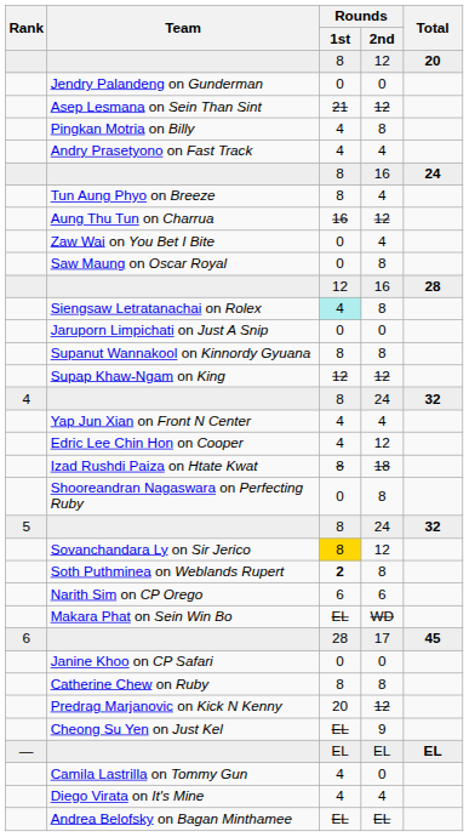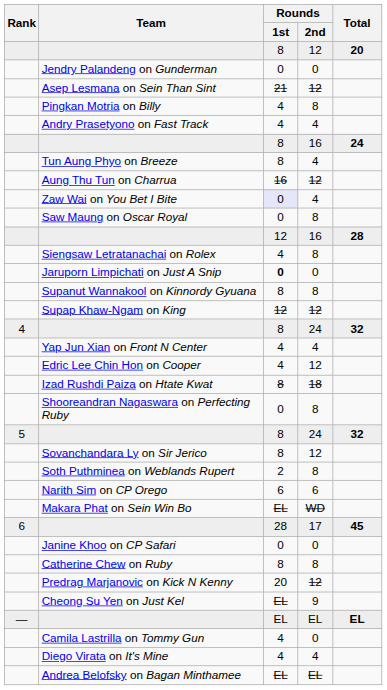 <table class=wikitable style="text-align:center">
 <tr>
 <th rowspan=2 width=40>Rank</th>
 <th rowspan=2 width=300>Team</th>
 <th colspan=2>Rounds</th>
 <th rowspan=2 width=60>Total</th>
 </tr>
 <tr>
 <th width=40>1st</th>
 <th width=40>2nd</th>
 </tr>
 <tr bgcolor=eeeeee>
 <td></td>
 <td align=left></td>
 <td>8</td>
 <td>12</td>
 <td><strong>20</strong></td>
 </tr>
 <tr>
 <td></td>
 <td align=left><a href='#'>Jendry Palandeng</a> on <em>Gunderman</em></td>
 <td>0</td>
 <td>0</td>
 <td></td>
 </tr>
 <tr>
 <td></td>
 <td align=left><a href='#'>Asep Lesmana</a> on <em>Sein Than Sint</em></td>
 <td><s>21</s></td>
 <td><s>12</s></td>
 <td></td>
 </tr>
 <tr>
 <td></td>
 <td align=left><a href='#'>Pingkan Motria</a> on <em>Billy</em></td>
 <td>4</td>
 <td>8</td>
 <td></td>
 </tr>
 <tr>
 <td></td>
 <td align=left><a href='#'>Andry Prasetyono</a> on <em>Fast Track</em></td>
 <td>4</td>
 <td>4</td>
 <td></td>
 </tr>
 <tr bgcolor=eeeeee>
 <td></td>
 <td align=left></td>
 <td>8</td>
 <td>16</td>
 <td><strong>24</strong></td>
 </tr>
 <tr>
 <td></td>
 <td align=left><a href='#'>Tun Aung Phyo</a> on <em>Breeze</em></td>
 <td>8</td>
 <td>4</td>
 <td></td>
 </tr>
 <tr>
 <td></td>
 <td align=left><a href='#'>Aung Thu Tun</a> on <em>Charrua</em></td>
 <td><s>16</s></td>
 <td><s>12</s></td>
 <td></td>
 </tr>
 <tr>
 <td></td>
 <td align=left><a href='#'>Zaw Wai</a> on <em>You Bet I Bite</em></td>
-<td>0</td>
+<td style="background: lavender;">0</td>
 <td>4</td>
 <td></td>
 </tr>
 <tr>
 <td></td>
 <td align=left><a href='#'>Saw Maung</a> on <em>Oscar Royal</em></td>
 <td>0</td>
 <td>8</td>
 <td></td>
 </tr>
 <tr bgcolor=eeeeee>
 <td></td>
 <td align=left></td>
 <td>12</td>
 <td>16</td>
 <td><strong>28</strong></td>
 </tr>
 <tr>
 <td></td>
 <td align=left><a href='#'>Siengsaw Letratanachai</a> on <em>Rolex</em></td>
-<td style="background: paleturquoise;">4</td>
+<td>4</td>
 <td>8</td>
 <td></td>
 </tr>
 <tr>
 <td></td>
 <td align=left><a href='#'>Jaruporn Limpichati</a> on <em>Just A Snip</em></td>
-<td>0</td>
+<td><strong>0</strong></td>
 <td>0</td>
 <td></td>
 </tr>
 <tr>
 <td></td>
 <td align=left><a href='#'>Supanut Wannakool</a> on <em>Kinnordy Gyuana</em></td>
 <td>8</td>
 <td>8</td>
 <td></td>
 </tr>
 <tr>
 <td></td>
 <td align=left><a href='#'>Supap Khaw-Ngam</a> on <em>King</em></td>
 <td><s>12</s></td>
 <td><s>12</s></td>
 <td></td>
 </tr>
 <tr bgcolor=eeeeee>
 <td>4</td>
 <td align=left></td>
 <td>8</td>
 <td>24</td>
 <td><strong>32</strong></td>
 </tr>
 <tr>
 <td></td>
 <td align=left><a href='#'>Yap Jun Xian</a> on <em>Front N Center</em></td>
 <td>4</td>
 <td>4</td>
 <td></td>
 </tr>
 <tr>
 <td></td>
 <td align=left><a href='#'>Edric Lee Chin Hon</a> on <em>Cooper</em></td>
 <td>4</td>
 <td>12</td>
 <td></td>
 </tr>
 <tr>
 <td></td>
 <td align=left><a href='#'>Izad Rushdi Paiza</a> on <em>Htate Kwat</em></td>
 <td><s>8</s></td>
 <td><s>18</s></td>
 <td></td>
 </tr>
 <tr>
 <td></td>
 <td align=left><a href='#'>Shooreandran Nagaswara</a> on <em>Perfecting Ruby</em></td>
 <td>0</td>
 <td>8</td>
 <td></td>
 </tr>
 <tr bgcolor=eeeeee>
 <td>5</td>
 <td align=left></td>
 <td>8</td>
 <td>24</td>
 <td><strong>32</strong></td>
 </tr>
 <tr>
 <td></td>
 <td align=left><a href='#'>Sovanchandara Ly</a> on <em>Sir Jerico</em></td>
-<td style="background: gold;">8</td>
+<td>8</td>
 <td>12</td>
 <td></td>
 </tr>
 <tr>
 <td></td>
 <td align=left><a href='#'>Soth Puthminea</a> on <em>Weblands Rupert</em></td>
-<td><strong>2</strong></td>
+<td>2</td>
 <td>8</td>
 <td></td>
 </tr>
 <tr>
 <td></td>
 <td align=left><a href='#'>Narith Sim</a> on <em>CP Orego</em></td>
 <td>6</td>
 <td>6</td>
 <td></td>
 </tr>
 <tr>
 <td></td>
 <td align=left><a href='#'>Makara Phat</a> on <em>Sein Win Bo</em></td>
 <td><s>EL</s></td>
 <td><s>WD</s></td>
 <td></td>
 </tr>
 <tr bgcolor=eeeeee>
 <td>6</td>
 <td align=left></td>
 <td>28</td>
 <td>17</td>
 <td><strong>45</strong></td>
 </tr>
 <tr>
 <td></td>
 <td align=left><a href='#'>Janine Khoo</a> on <em>CP Safari</em></td>
 <td>0</td>
 <td>0</td>
 <td></td>
 </tr>
 <tr>
 <td></td>
 <td align=left><a href='#'>Catherine Chew</a> on <em>Ruby</em></td>
 <td>8</td>
 <td>8</td>
 <td></td>
 </tr>
 <tr>
 <td></td>
 <td align=left><a href='#'>Predrag Marjanovic</a> on <em>Kick N Kenny</em></td>
 <td>20</td>
 <td><s>12</s></td>
 <td></td>
 </tr>
 <tr>
 <td></td>
 <td align=left><a href='#'>Cheong Su Yen</a> on <em>Just Kel</em></td>
 <td><s>EL</s></td>
 <td>9</td>
 <td></td>
 </tr>
 <tr bgcolor=eeeeee>
 <td>—</td>
 <td align=left></td>
 <td>EL</td>
 <td>EL</td>
 <td><strong>EL</strong></td>
 </tr>
 <tr>
 <td></td>
 <td align=left><a href='#'>Camila Lastrilla</a> on <em>Tommy Gun</em></td>
 <td>4</td>
 <td>0</td>
 <td></td>
 </tr>
 <tr>
 <td></td>
 <td align=left><a href='#'>Diego Virata</a> on <em>It's Mine</em></td>
 <td>4</td>
 <td>4</td>
 <td></td>
 </tr>
 <tr>
 <td></td>
 <td align=left><a href='#'>Andrea Belofsky</a> on <em>Bagan Minthamee</em></td>
 <td><s>EL</s></td>
 <td><s>EL</s></td>
 <td></td>
 </tr>
 </table>
